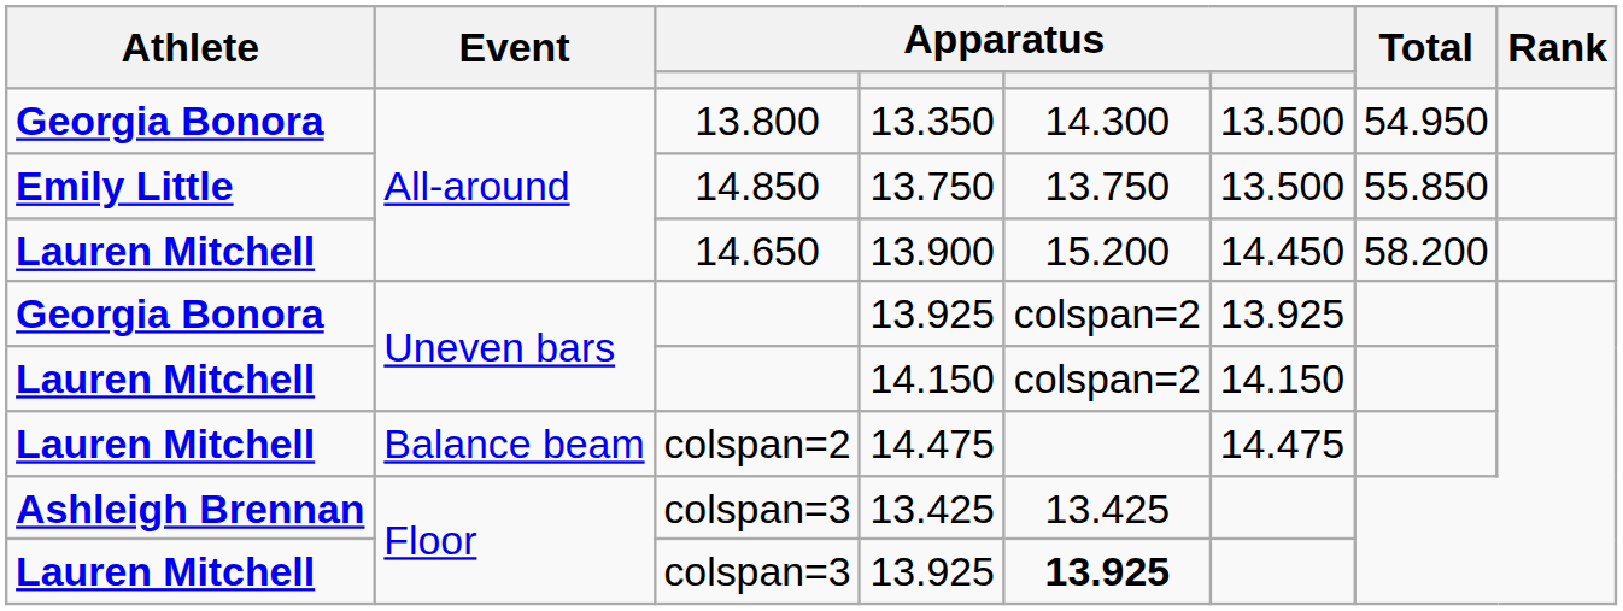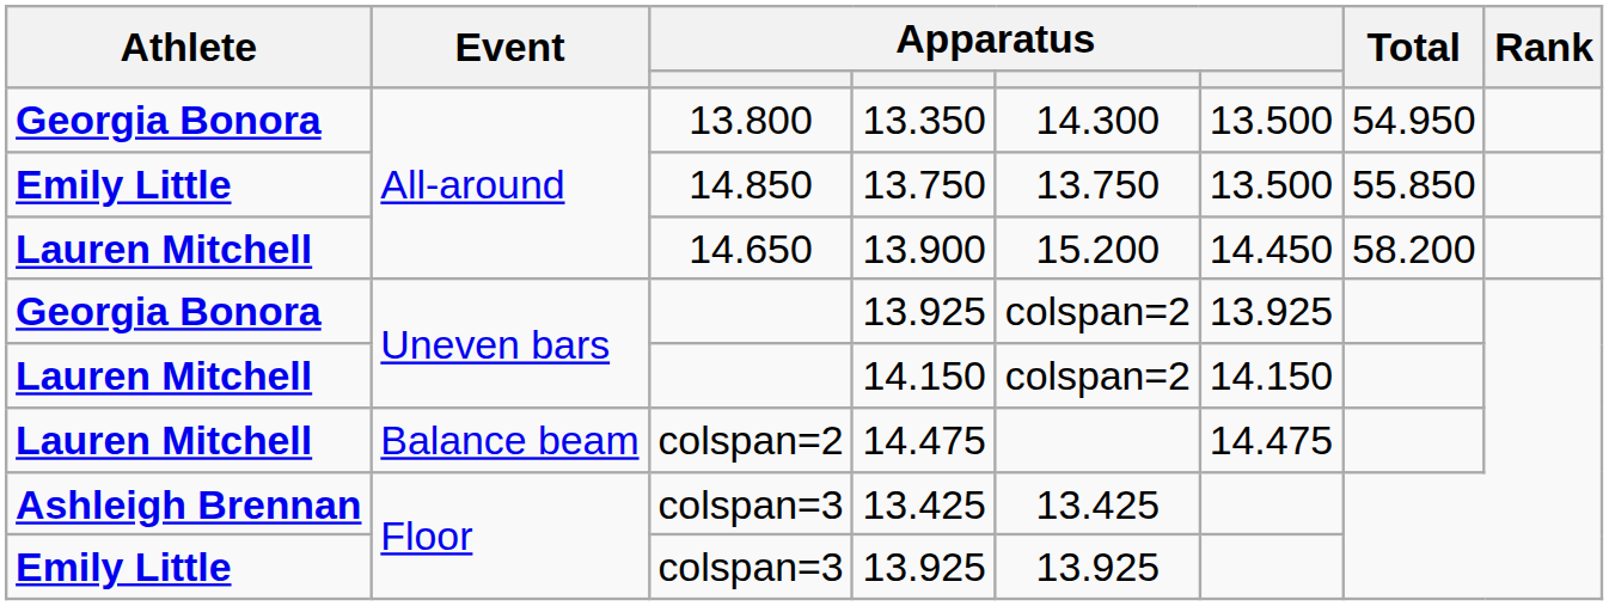 <table class="wikitable" style="font-size:90%">
 <tr>
 <th rowspan=2>Athlete</th>
 <th rowspan=2>Event</th>
 <th colspan =4>Apparatus</th>
 <th rowspan=2>Total</th>
 <th rowspan=2>Rank</th>
 </tr>
 <tr style="font-size:95%">
 <th></th>
 <th></th>
 <th></th>
 <th></th>
 </tr>
 <tr align=center>
 <td align=left><strong><a href='#'>Georgia Bonora</a></strong></td>
 <td align=left rowspan=3><a href='#'>All-around</a></td>
 <td>13.800</td>
 <td>13.350</td>
 <td>14.300</td>
 <td>13.500</td>
 <td>54.950</td>
 <td></td>
 </tr>
 <tr align=center>
 <td align=left><strong><a href='#'>Emily Little</a></strong></td>
 <td>14.850</td>
 <td>13.750</td>
 <td>13.750</td>
 <td>13.500</td>
 <td>55.850</td>
 <td></td>
 </tr>
 <tr align=center>
 <td align=left><strong><a href='#'>Lauren Mitchell</a></strong></td>
 <td>14.650</td>
 <td>13.900</td>
 <td>15.200</td>
 <td>14.450</td>
 <td>58.200</td>
 <td></td>
 </tr>
 <tr align=center>
 <td align=left><strong><a href='#'>Georgia Bonora</a></strong></td>
 <td align=left rowspan=2><a href='#'>Uneven bars</a></td>
 <td></td>
 <td>13.925</td>
 <td>colspan=2 </td>
 <td>13.925</td>
 <td></td>
 </tr>
 <tr align=center>
 <td align=left><strong><a href='#'>Lauren Mitchell</a></strong></td>
 <td></td>
 <td>14.150</td>
 <td>colspan=2 </td>
 <td>14.150</td>
 <td></td>
 </tr>
 <tr align=center>
 <td align=left><strong><a href='#'>Lauren Mitchell</a></strong></td>
 <td align=left><a href='#'>Balance beam</a></td>
 <td>colspan=2 </td>
 <td>14.475</td>
 <td></td>
 <td>14.475</td>
 <td></td>
 </tr>
 <tr align=center>
 <td align=left><strong><a href='#'>Ashleigh Brennan</a></strong></td>
 <td align=left rowspan=2><a href='#'>Floor</a></td>
 <td>colspan=3 </td>
 <td>13.425</td>
 <td>13.425</td>
 <td></td>
 </tr>
 <tr align=center>
-<td align=left><strong><a href='#'>Lauren Mitchell</a></strong></td>
+<td align=left><strong><a href='#'>Emily Little</a></strong></td>
 <td>colspan=3 </td>
 <td>13.925</td>
-<td><strong>13.925</strong></td>
+<td>13.925</td>
 <td></td>
 </tr>
 </table>
